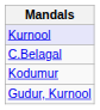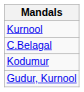 <table class="wikitable sortable static-row-numbers static-row-header-hash">
 <tr>
 <th>Mandals</th>
 </tr>
 <tr>
-<td style="background: lavender;"><a href='#'>Kurnool</a></td>
+<td><a href='#'>Kurnool</a></td>
 </tr>
 <tr>
 <td><a href='#'>C.Belagal</a></td>
 </tr>
 <tr>
 <td><a href='#'>Kodumur</a></td>
 </tr>
 <tr>
 <td><a href='#'>Gudur, Kurnool</a></td>
 </tr>
 </table>
